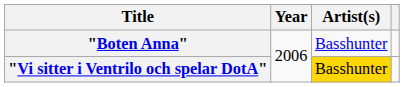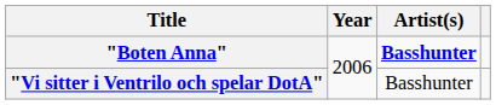 <table class="wikitable plainrowheaders" style="text-align:center;">
 <tr>
 <th>Title</th>
 <th>Year</th>
 <th>Artist(s)</th>
 <th></th>
 </tr>
 <tr>
 <th scope="row">"<a href='#'>Boten Anna</a>"</th>
 <td rowspan="2">2006</td>
-<td><a href='#'>Basshunter</a></td>
+<td><strong><a href='#'>Basshunter</a></strong></td>
 <td></td>
 </tr>
 <tr>
 <th scope="row">"<a href='#'>Vi sitter i Ventrilo och spelar DotA</a>"</th>
-<td style="background: gold;">Basshunter</td>
+<td>Basshunter</td>
 <td></td>
 </tr>
 </table>
